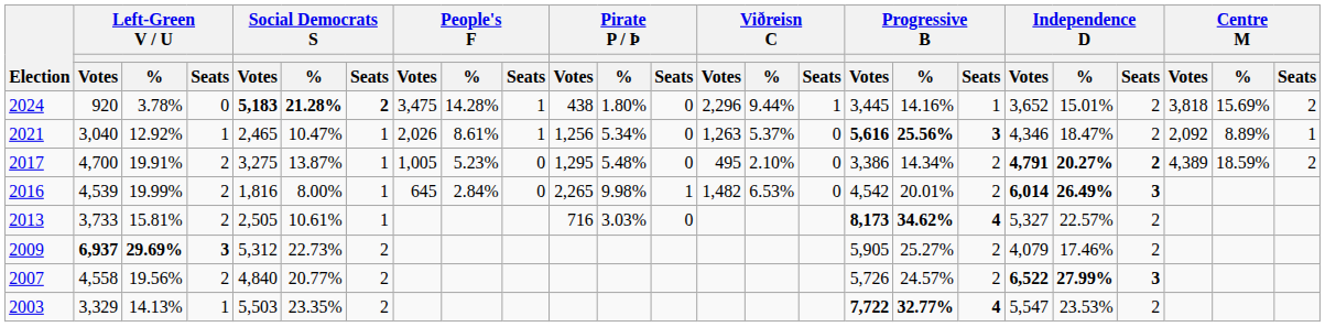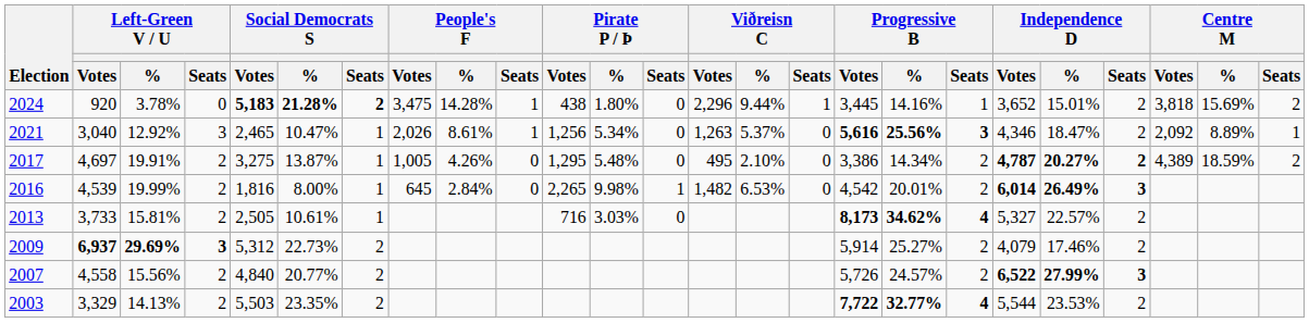 <table class="wikitable" border="1" style="font-size:95%; text-align:right;">
 <tr>
 <th style="text-align:left;" valign=bottom rowspan=3>Election</th>
 <th valign=bottom colspan=3><a href='#'>Left-Green</a><br>V / U</th>
 <th valign=bottom colspan=3><a href='#'>Social Democrats</a><br>S</th>
 <th valign=bottom colspan=3><a href='#'>People's</a><br>F</th>
 <th valign=bottom colspan=3><a href='#'>Pirate</a><br>P / Þ</th>
 <th valign=bottom colspan=3><a href='#'>Viðreisn</a><br>C</th>
 <th valign=bottom colspan=3><a href='#'>Progressive</a><br>B</th>
 <th valign=bottom colspan=3><a href='#'>Independence</a><br>D</th>
 <th valign=bottom colspan=3><a href='#'>Centre</a><br>M</th>
 </tr>
 <tr>
 <th colspan=3 style="background:"></th>
 <th colspan=3 style="background:"></th>
 <th colspan=3 style="background:"></th>
 <th colspan=3 style="background:"></th>
 <th colspan=3 style="background:"></th>
 <th colspan=3 style="background:"></th>
 <th colspan=3 style="background:"></th>
 <th colspan=3 style="background:"></th>
 </tr>
 <tr>
 <th>Votes</th>
 <th>%</th>
 <th>Seats</th>
 <th>Votes</th>
 <th>%</th>
 <th>Seats</th>
 <th>Votes</th>
 <th>%</th>
 <th>Seats</th>
 <th>Votes</th>
 <th>%</th>
 <th>Seats</th>
 <th>Votes</th>
 <th>%</th>
 <th>Seats</th>
 <th>Votes</th>
 <th>%</th>
 <th>Seats</th>
 <th>Votes</th>
 <th>%</th>
 <th>Seats</th>
 <th>Votes</th>
 <th>%</th>
 <th>Seats</th>
 </tr>
 <tr>
 <td align=left><a href='#'>2024</a></td>
 <td>920</td>
 <td>3.78%</td>
 <td>0</td>
 <td><strong>5,183</strong></td>
 <td><strong>21.28%</strong></td>
 <td><strong>2</strong></td>
 <td>3,475</td>
 <td>14.28%</td>
 <td>1</td>
 <td>438</td>
 <td>1.80%</td>
 <td>0</td>
 <td>2,296</td>
 <td>9.44%</td>
 <td>1</td>
 <td>3,445</td>
 <td>14.16%</td>
 <td>1</td>
 <td>3,652</td>
 <td>15.01%</td>
 <td>2</td>
 <td>3,818</td>
 <td>15.69%</td>
 <td>2</td>
 </tr>
 <tr>
 <td align=left><a href='#'>2021</a></td>
 <td>3,040</td>
 <td>12.92%</td>
-<td>1</td>
+<td>3</td>
 <td>2,465</td>
 <td>10.47%</td>
 <td>1</td>
 <td>2,026</td>
 <td>8.61%</td>
 <td>1</td>
 <td>1,256</td>
 <td>5.34%</td>
 <td>0</td>
 <td>1,263</td>
 <td>5.37%</td>
 <td>0</td>
 <td><strong>5,616</strong></td>
 <td><strong>25.56%</strong></td>
 <td><strong>3</strong></td>
 <td>4,346</td>
 <td>18.47%</td>
 <td>2</td>
 <td>2,092</td>
 <td>8.89%</td>
 <td>1</td>
 </tr>
 <tr>
 <td align=left><a href='#'>2017</a></td>
-<td>4,700</td>
+<td>4,697</td>
 <td>19.91%</td>
 <td>2</td>
 <td>3,275</td>
 <td>13.87%</td>
 <td>1</td>
 <td>1,005</td>
-<td>5.23%</td>
+<td>4.26%</td>
 <td>0</td>
 <td>1,295</td>
 <td>5.48%</td>
 <td>0</td>
 <td>495</td>
 <td>2.10%</td>
 <td>0</td>
 <td>3,386</td>
 <td>14.34%</td>
 <td>2</td>
-<td><strong>4,791</strong></td>
+<td><strong>4,787</strong></td>
 <td><strong>20.27%</strong></td>
 <td><strong>2</strong></td>
 <td>4,389</td>
 <td>18.59%</td>
 <td>2</td>
 </tr>
 <tr>
 <td align=left><a href='#'>2016</a></td>
 <td>4,539</td>
 <td>19.99%</td>
 <td>2</td>
 <td>1,816</td>
 <td>8.00%</td>
 <td>1</td>
 <td>645</td>
 <td>2.84%</td>
 <td>0</td>
 <td>2,265</td>
 <td>9.98%</td>
 <td>1</td>
 <td>1,482</td>
 <td>6.53%</td>
 <td>0</td>
 <td>4,542</td>
 <td>20.01%</td>
 <td>2</td>
 <td><strong>6,014</strong></td>
 <td><strong>26.49%</strong></td>
 <td><strong>3</strong></td>
 <td></td>
 <td></td>
 <td></td>
 </tr>
 <tr>
 <td align=left><a href='#'>2013</a></td>
 <td>3,733</td>
 <td>15.81%</td>
 <td>2</td>
 <td>2,505</td>
 <td>10.61%</td>
 <td>1</td>
 <td></td>
 <td></td>
 <td></td>
 <td>716</td>
 <td>3.03%</td>
 <td>0</td>
 <td></td>
 <td></td>
 <td></td>
 <td><strong>8,173</strong></td>
 <td><strong>34.62%</strong></td>
 <td><strong>4</strong></td>
 <td>5,327</td>
 <td>22.57%</td>
 <td>2</td>
 <td></td>
 <td></td>
 <td></td>
 </tr>
 <tr>
 <td align=left><a href='#'>2009</a></td>
 <td><strong>6,937</strong></td>
 <td><strong>29.69%</strong></td>
 <td><strong>3</strong></td>
 <td>5,312</td>
 <td>22.73%</td>
 <td>2</td>
 <td></td>
 <td></td>
 <td></td>
 <td></td>
 <td></td>
 <td></td>
 <td></td>
 <td></td>
 <td></td>
-<td>5,905</td>
+<td>5,914</td>
 <td>25.27%</td>
 <td>2</td>
 <td>4,079</td>
 <td>17.46%</td>
 <td>2</td>
 <td></td>
 <td></td>
 <td></td>
 </tr>
 <tr>
 <td align=left><a href='#'>2007</a></td>
 <td>4,558</td>
-<td>19.56%</td>
+<td>15.56%</td>
 <td>2</td>
 <td>4,840</td>
 <td>20.77%</td>
 <td>2</td>
 <td></td>
 <td></td>
 <td></td>
 <td></td>
 <td></td>
 <td></td>
 <td></td>
 <td></td>
 <td></td>
 <td>5,726</td>
 <td>24.57%</td>
 <td>2</td>
 <td><strong>6,522</strong></td>
 <td><strong>27.99%</strong></td>
 <td><strong>3</strong></td>
 <td></td>
 <td></td>
 <td></td>
 </tr>
 <tr>
 <td align=left><a href='#'>2003</a></td>
 <td>3,329</td>
 <td>14.13%</td>
-<td>1</td>
+<td>2</td>
 <td>5,503</td>
 <td>23.35%</td>
 <td>2</td>
 <td></td>
 <td></td>
 <td></td>
 <td></td>
 <td></td>
 <td></td>
 <td></td>
 <td></td>
 <td></td>
 <td><strong>7,722</strong></td>
 <td><strong>32.77%</strong></td>
 <td><strong>4</strong></td>
-<td>5,547</td>
+<td>5,544</td>
 <td>23.53%</td>
 <td>2</td>
 <td></td>
 <td></td>
 <td></td>
 </tr>
 </table>
